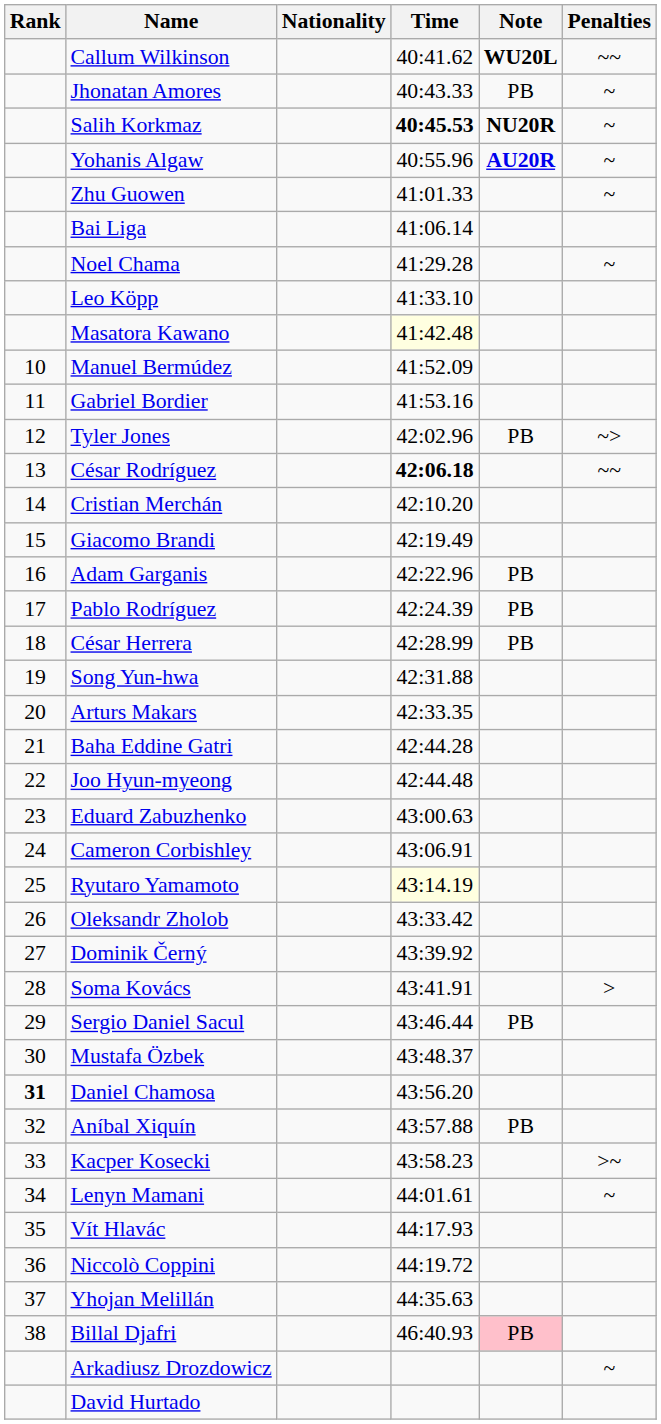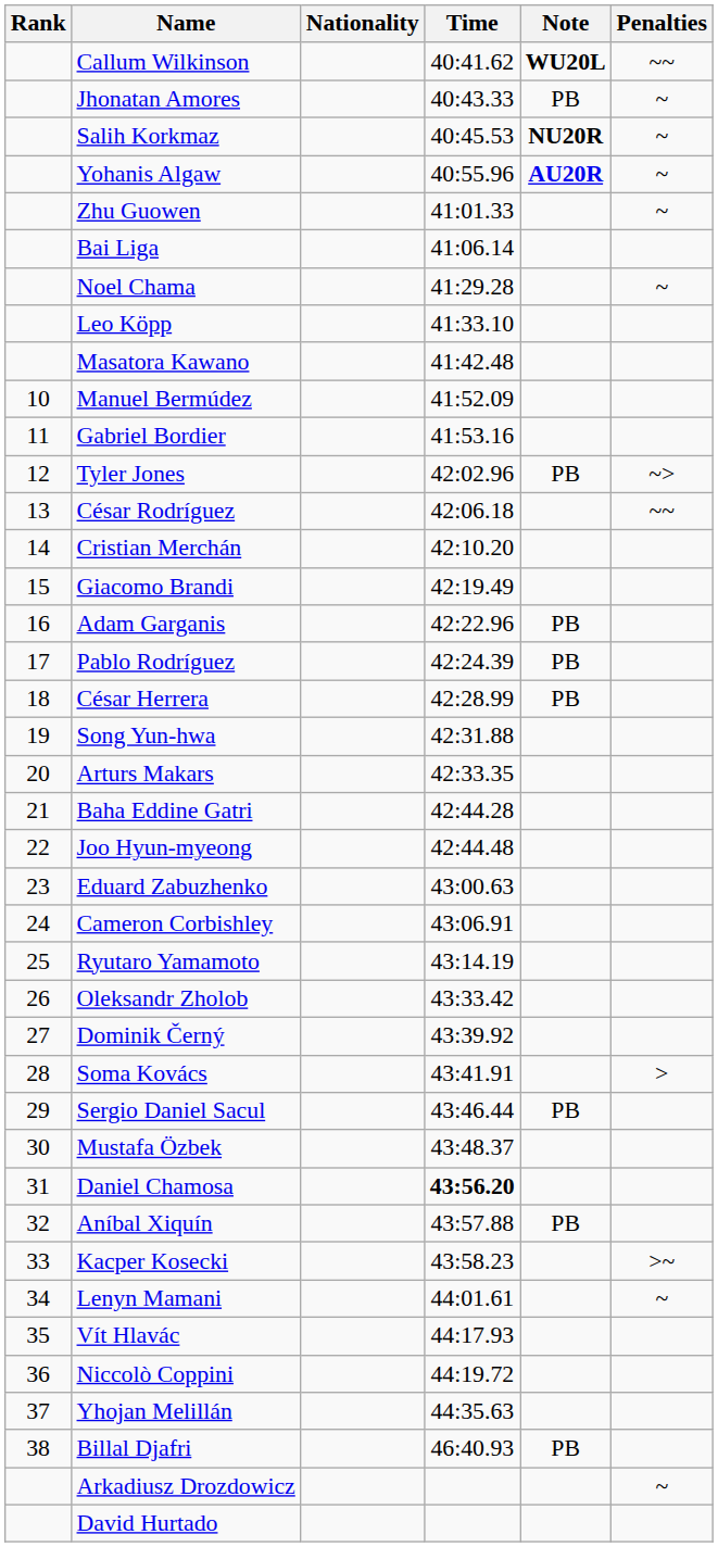 <table class="wikitable sortable" style="text-align:center">
 <tr>
 <th>Rank</th>
 <th>Name</th>
 <th>Nationality</th>
 <th>Time</th>
 <th>Note</th>
 <th>Penalties</th>
 </tr>
 <tr>
 <td></td>
 <td align=left><a href='#'>Callum Wilkinson</a></td>
 <td align=left></td>
 <td>40:41.62</td>
 <td><strong>WU20L</strong></td>
 <td>~~</td>
 </tr>
 <tr>
 <td></td>
 <td align=left><a href='#'>Jhonatan Amores</a></td>
 <td align=left></td>
 <td>40:43.33</td>
 <td>PB</td>
 <td>~</td>
 </tr>
 <tr>
 <td></td>
 <td align=left><a href='#'>Salih Korkmaz</a></td>
 <td align=left></td>
-<td><strong>40:45.53</strong></td>
+<td>40:45.53</td>
 <td><strong>NU20R</strong></td>
 <td>~</td>
 </tr>
 <tr>
 <td></td>
 <td align=left><a href='#'>Yohanis Algaw</a></td>
 <td align=left></td>
 <td>40:55.96</td>
 <td><strong><a href='#'>AU20R</a></strong></td>
 <td>~</td>
 </tr>
 <tr>
 <td></td>
 <td align=left><a href='#'>Zhu Guowen</a></td>
 <td align=left></td>
 <td>41:01.33</td>
 <td></td>
 <td>~</td>
 </tr>
 <tr>
 <td></td>
 <td align=left><a href='#'>Bai Liga</a></td>
 <td align=left></td>
 <td>41:06.14</td>
 <td></td>
 <td></td>
 </tr>
 <tr>
 <td></td>
 <td align=left><a href='#'>Noel Chama</a></td>
 <td align=left></td>
 <td>41:29.28</td>
 <td></td>
 <td>~</td>
 </tr>
 <tr>
 <td></td>
 <td align=left><a href='#'>Leo Köpp</a></td>
 <td align=left></td>
 <td>41:33.10</td>
 <td></td>
 <td></td>
 </tr>
 <tr>
 <td></td>
 <td align=left><a href='#'>Masatora Kawano</a></td>
 <td align=left></td>
-<td style="background: lightyellow;">41:42.48</td>
+<td>41:42.48</td>
 <td></td>
 <td></td>
 </tr>
 <tr>
 <td>10</td>
 <td align=left><a href='#'>Manuel Bermúdez</a></td>
 <td align=left></td>
 <td>41:52.09</td>
 <td></td>
 <td></td>
 </tr>
 <tr>
 <td>11</td>
 <td align=left><a href='#'>Gabriel Bordier</a></td>
 <td align=left></td>
 <td>41:53.16</td>
 <td></td>
 <td></td>
 </tr>
 <tr>
 <td>12</td>
 <td align=left><a href='#'>Tyler Jones</a></td>
 <td align=left></td>
 <td>42:02.96</td>
 <td>PB</td>
 <td>~></td>
 </tr>
 <tr>
 <td>13</td>
 <td align=left><a href='#'>César Rodríguez</a></td>
 <td align=left></td>
-<td><strong>42:06.18</strong></td>
+<td>42:06.18</td>
 <td></td>
 <td>~~</td>
 </tr>
 <tr>
 <td>14</td>
 <td align=left><a href='#'>Cristian Merchán</a></td>
 <td align=left></td>
 <td>42:10.20</td>
 <td></td>
 <td></td>
 </tr>
 <tr>
 <td>15</td>
 <td align=left><a href='#'>Giacomo Brandi</a></td>
 <td align=left></td>
 <td>42:19.49</td>
 <td></td>
 <td></td>
 </tr>
 <tr>
 <td>16</td>
 <td align=left><a href='#'>Adam Garganis</a></td>
 <td align=left></td>
 <td>42:22.96</td>
 <td>PB</td>
 <td></td>
 </tr>
 <tr>
 <td>17</td>
 <td align=left><a href='#'>Pablo Rodríguez</a></td>
 <td align=left></td>
 <td>42:24.39</td>
 <td>PB</td>
 <td></td>
 </tr>
 <tr>
 <td>18</td>
 <td align=left><a href='#'>César Herrera</a></td>
 <td align=left></td>
 <td>42:28.99</td>
 <td>PB</td>
 <td></td>
 </tr>
 <tr>
 <td>19</td>
 <td align=left><a href='#'>Song Yun-hwa</a></td>
 <td align=left></td>
 <td>42:31.88</td>
 <td></td>
 <td></td>
 </tr>
 <tr>
 <td>20</td>
 <td align=left><a href='#'>Arturs Makars</a></td>
 <td align=left></td>
 <td>42:33.35</td>
 <td></td>
 <td></td>
 </tr>
 <tr>
 <td>21</td>
 <td align=left><a href='#'>Baha Eddine Gatri</a></td>
 <td align=left></td>
 <td>42:44.28</td>
 <td></td>
 <td></td>
 </tr>
 <tr>
 <td>22</td>
 <td align=left><a href='#'>Joo Hyun-myeong</a></td>
 <td align=left></td>
 <td>42:44.48</td>
 <td></td>
 <td></td>
 </tr>
 <tr>
 <td>23</td>
 <td align=left><a href='#'>Eduard Zabuzhenko</a></td>
 <td align=left></td>
 <td>43:00.63</td>
 <td></td>
 <td></td>
 </tr>
 <tr>
 <td>24</td>
 <td align=left><a href='#'>Cameron Corbishley</a></td>
 <td align=left></td>
 <td>43:06.91</td>
 <td></td>
 <td></td>
 </tr>
 <tr>
 <td>25</td>
 <td align=left><a href='#'>Ryutaro Yamamoto</a></td>
 <td align=left></td>
-<td style="background: lightyellow;">43:14.19</td>
+<td>43:14.19</td>
 <td></td>
 <td></td>
 </tr>
 <tr>
 <td>26</td>
 <td align=left><a href='#'>Oleksandr Zholob</a></td>
 <td align=left></td>
 <td>43:33.42</td>
 <td></td>
 <td></td>
 </tr>
 <tr>
 <td>27</td>
 <td align=left><a href='#'>Dominik Černý</a></td>
 <td align=left></td>
 <td>43:39.92</td>
 <td></td>
 <td></td>
 </tr>
 <tr>
 <td>28</td>
 <td align=left><a href='#'>Soma Kovács</a></td>
 <td align=left></td>
 <td>43:41.91</td>
 <td></td>
 <td>></td>
 </tr>
 <tr>
 <td>29</td>
 <td align=left><a href='#'>Sergio Daniel Sacul</a></td>
 <td align=left></td>
 <td>43:46.44</td>
 <td>PB</td>
 <td></td>
 </tr>
 <tr>
 <td>30</td>
 <td align=left><a href='#'>Mustafa Özbek</a></td>
 <td align=left></td>
 <td>43:48.37</td>
 <td></td>
 <td></td>
 </tr>
 <tr>
-<td><strong>31</strong></td>
+<td>31</td>
 <td align=left><a href='#'>Daniel Chamosa</a></td>
 <td align=left></td>
-<td>43:56.20</td>
+<td><strong>43:56.20</strong></td>
 <td></td>
 <td></td>
 </tr>
 <tr>
 <td>32</td>
 <td align=left><a href='#'>Aníbal Xiquín</a></td>
 <td align=left></td>
 <td>43:57.88</td>
 <td>PB</td>
 <td></td>
 </tr>
 <tr>
 <td>33</td>
 <td align=left><a href='#'>Kacper Kosecki</a></td>
 <td align=left></td>
 <td>43:58.23</td>
 <td></td>
 <td>>~</td>
 </tr>
 <tr>
 <td>34</td>
 <td align=left><a href='#'>Lenyn Mamani</a></td>
 <td align=left></td>
 <td>44:01.61</td>
 <td></td>
 <td>~</td>
 </tr>
 <tr>
 <td>35</td>
 <td align=left><a href='#'>Vít Hlavác</a></td>
 <td align=left></td>
 <td>44:17.93</td>
 <td></td>
 <td></td>
 </tr>
 <tr>
 <td>36</td>
 <td align=left><a href='#'>Niccolò Coppini</a></td>
 <td align=left></td>
 <td>44:19.72</td>
 <td></td>
 <td></td>
 </tr>
 <tr>
 <td>37</td>
 <td align=left><a href='#'>Yhojan Melillán</a></td>
 <td align=left></td>
 <td>44:35.63</td>
 <td></td>
 <td></td>
 </tr>
 <tr>
 <td>38</td>
 <td align=left><a href='#'>Billal Djafri</a></td>
 <td align=left></td>
 <td>46:40.93</td>
-<td style="background: pink;">PB</td>
+<td>PB</td>
 <td></td>
 </tr>
 <tr>
 <td></td>
 <td align=left><a href='#'>Arkadiusz Drozdowicz</a></td>
 <td align=left></td>
 <td></td>
 <td></td>
 <td>~</td>
 </tr>
 <tr>
 <td></td>
 <td align=left><a href='#'>David Hurtado</a></td>
 <td align=left></td>
 <td></td>
 <td></td>
 <td></td>
 </tr>
 </table>
